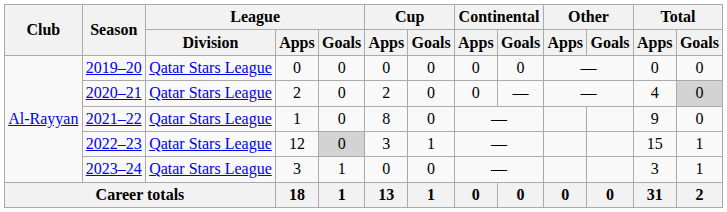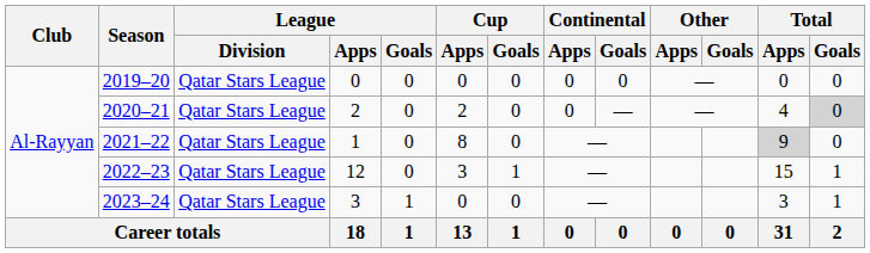 <table class="wikitable" style="text-align: center">
 <tr>
 <th rowspan="2">Club</th>
 <th rowspan="2">Season</th>
 <th colspan="3">League</th>
 <th colspan="2">Cup</th>
 <th colspan="2">Continental</th>
 <th colspan="2">Other</th>
 <th colspan="2">Total</th>
 </tr>
 <tr>
 <th>Division</th>
 <th>Apps</th>
 <th>Goals</th>
 <th>Apps</th>
 <th>Goals</th>
 <th>Apps</th>
 <th>Goals</th>
 <th>Apps</th>
 <th>Goals</th>
 <th>Apps</th>
 <th>Goals</th>
 </tr>
 <tr>
 <td rowspan="5"><a href='#'>Al-Rayyan</a></td>
 <td><a href='#'>2019–20</a></td>
 <td><a href='#'>Qatar Stars League</a></td>
 <td>0</td>
 <td>0</td>
 <td>0</td>
 <td>0</td>
 <td>0</td>
 <td>0</td>
 <td colspan="2">—</td>
 <td>0</td>
 <td>0</td>
 </tr>
 <tr>
 <td><a href='#'>2020–21</a></td>
 <td><a href='#'>Qatar Stars League</a></td>
 <td>2</td>
 <td>0</td>
 <td>2</td>
 <td>0</td>
 <td>0</td>
 <td 0>—</td>
 <td colspan="2">—</td>
 <td>4</td>
 <td style="background: lightgrey;">0</td>
 </tr>
 <tr>
 <td><a href='#'>2021–22</a></td>
 <td><a href='#'>Qatar Stars League</a></td>
 <td>1</td>
 <td>0</td>
 <td>8</td>
 <td>0</td>
 <td colspan="2">—</td>
 <td></td>
 <td></td>
-<td>9</td>
+<td style="background: lightgrey;">9</td>
 <td>0</td>
 </tr>
 <tr>
 <td><a href='#'>2022–23</a></td>
 <td><a href='#'>Qatar Stars League</a></td>
 <td>12</td>
-<td style="background: lightgrey;">0</td>
+<td>0</td>
 <td>3</td>
 <td>1</td>
 <td colspan="2">—</td>
 <td></td>
 <td></td>
 <td>15</td>
 <td>1</td>
 </tr>
 <tr>
 <td><a href='#'>2023–24</a></td>
 <td><a href='#'>Qatar Stars League</a></td>
 <td>3</td>
 <td>1</td>
 <td>0</td>
 <td>0</td>
 <td colspan="2">—</td>
 <td></td>
 <td></td>
 <td>3</td>
 <td>1</td>
 </tr>
 <tr>
 <th colspan="3">Career totals</th>
 <th>18</th>
 <th>1</th>
 <th>13</th>
 <th>1</th>
 <th>0</th>
 <th>0</th>
 <th>0</th>
 <th>0</th>
 <th>31</th>
 <th>2</th>
 </tr>
 </table>
